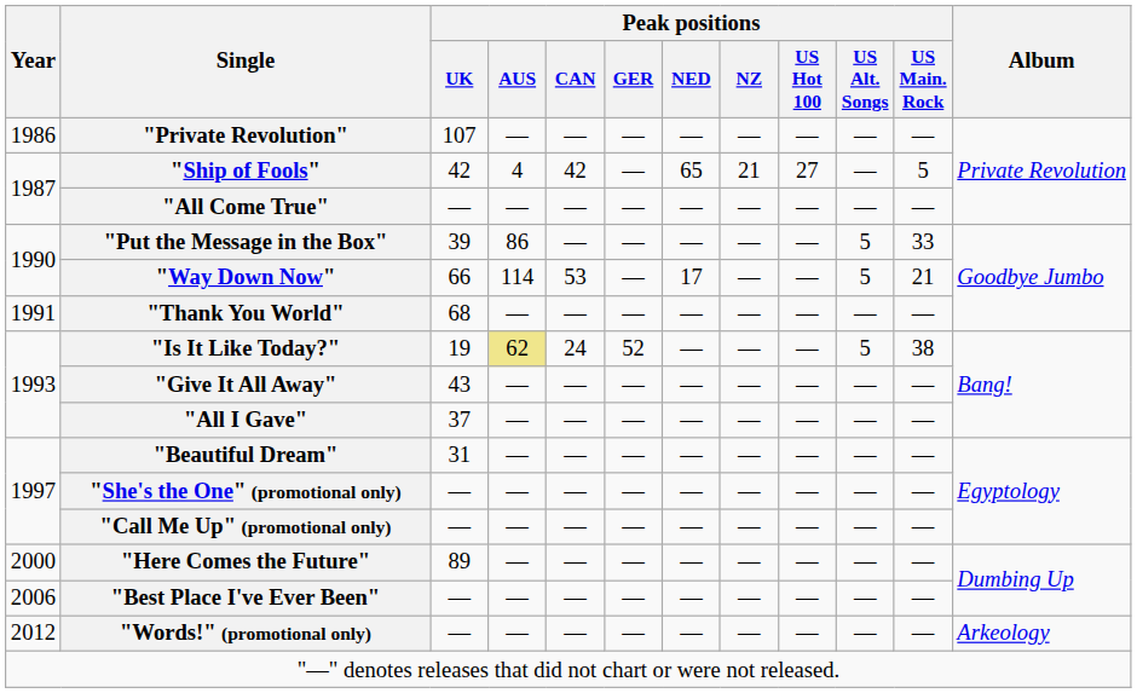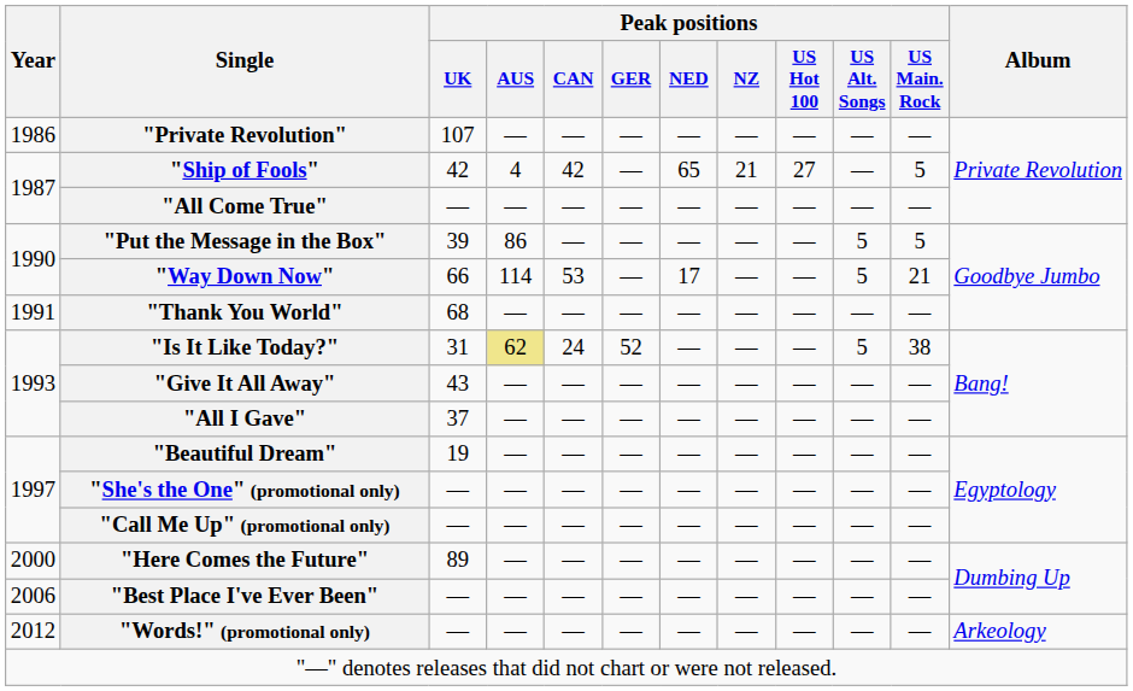 <table class="wikitable plainrowheaders" style="text-align:center;">
 <tr>
 <th rowspan="2">Year</th>
 <th rowspan="2" style="width:16em;">Single</th>
 <th colspan="9">Peak positions</th>
 <th rowspan="2">Album</th>
 </tr>
 <tr style="font-size:smaller;">
 <th style="width:35px;"><a href='#'>UK</a><br></th>
 <th style="width:35px;"><a href='#'>AUS</a><br></th>
 <th style="width:35px;"><a href='#'>CAN</a><br></th>
 <th style="width:35px;"><a href='#'>GER</a><br></th>
 <th style="width:35px;"><a href='#'>NED</a><br></th>
 <th style="width:35px;"><a href='#'>NZ</a><br></th>
 <th style="width:35px;"><a href='#'>US<br>Hot 100</a><br></th>
 <th style="width:35px;"><a href='#'>US<br>Alt. Songs</a><br></th>
 <th style="width:35px;"><a href='#'>US<br>Main. Rock</a><br></th>
 </tr>
 <tr>
 <td>1986</td>
 <th scope="row">"Private Revolution"</th>
 <td>107</td>
 <td>—</td>
 <td>—</td>
 <td>—</td>
 <td>—</td>
 <td>—</td>
 <td>—</td>
 <td>—</td>
 <td>—</td>
 <td style="text-align:left;" rowspan="3"><em><a href='#'>Private Revolution</a></em></td>
 </tr>
 <tr>
 <td rowspan="2">1987</td>
 <th scope="row">"<a href='#'>Ship of Fools</a>"</th>
 <td>42</td>
 <td>4</td>
 <td>42</td>
 <td>—</td>
 <td>65</td>
 <td>21</td>
 <td>27</td>
 <td>—</td>
 <td>5</td>
 </tr>
 <tr>
 <th scope="row">"All Come True"</th>
 <td>—</td>
 <td>—</td>
 <td>—</td>
 <td>—</td>
 <td>—</td>
 <td>—</td>
 <td>—</td>
 <td>—</td>
 <td>—</td>
 </tr>
 <tr>
 <td rowspan="2">1990</td>
 <th scope="row">"Put the Message in the Box"</th>
 <td>39</td>
 <td>86</td>
 <td>—</td>
 <td>—</td>
 <td>—</td>
 <td>—</td>
 <td>—</td>
 <td>5</td>
-<td>33</td>
+<td>5</td>
 <td style="text-align:left;" rowspan="3"><em><a href='#'>Goodbye Jumbo</a></em></td>
 </tr>
 <tr>
 <th scope="row">"<a href='#'>Way Down Now</a>"</th>
 <td>66</td>
 <td>114</td>
 <td>53</td>
 <td>—</td>
 <td>17</td>
 <td>—</td>
 <td>—</td>
 <td>5</td>
 <td>21</td>
 </tr>
 <tr>
 <td>1991</td>
 <th scope="row">"Thank You World"</th>
 <td>68</td>
 <td>—</td>
 <td>—</td>
 <td>—</td>
 <td>—</td>
 <td>—</td>
 <td>—</td>
 <td>—</td>
 <td>—</td>
 </tr>
 <tr>
 <td rowspan="3">1993</td>
 <th scope="row">"Is It Like Today?"</th>
-<td>19</td>
+<td>31</td>
 <td style="background: khaki;">62</td>
 <td>24</td>
 <td>52</td>
 <td>—</td>
 <td>—</td>
 <td>—</td>
 <td>5</td>
 <td>38</td>
 <td style="text-align:left;" rowspan="3"><em><a href='#'>Bang!</a></em></td>
 </tr>
 <tr>
 <th scope="row">"Give It All Away"</th>
 <td>43</td>
 <td>—</td>
 <td>—</td>
 <td>—</td>
 <td>—</td>
 <td>—</td>
 <td>—</td>
 <td>—</td>
 <td>—</td>
 </tr>
 <tr>
 <th scope="row">"All I Gave"</th>
 <td>37</td>
 <td>—</td>
 <td>—</td>
 <td>—</td>
 <td>—</td>
 <td>—</td>
 <td>—</td>
 <td>—</td>
 <td>—</td>
 </tr>
 <tr>
 <td rowspan="3">1997</td>
 <th scope="row">"Beautiful Dream"</th>
-<td>31</td>
+<td>19</td>
 <td>—</td>
 <td>—</td>
 <td>—</td>
 <td>—</td>
 <td>—</td>
 <td>—</td>
 <td>—</td>
 <td>—</td>
 <td style="text-align:left;" rowspan="3"><em><a href='#'>Egyptology</a></em></td>
 </tr>
 <tr>
 <th scope="row">"<a href='#'>She's the One</a>" <small>(promotional only)</small></th>
 <td>—</td>
 <td>—</td>
 <td>—</td>
 <td>—</td>
 <td>—</td>
 <td>—</td>
 <td>—</td>
 <td>—</td>
 <td>—</td>
 </tr>
 <tr>
 <th scope="row">"Call Me Up" <small>(promotional only)</small></th>
 <td>—</td>
 <td>—</td>
 <td>—</td>
 <td>—</td>
 <td>—</td>
 <td>—</td>
 <td>—</td>
 <td>—</td>
 <td>—</td>
 </tr>
 <tr>
 <td>2000</td>
 <th scope="row">"Here Comes the Future"</th>
 <td>89</td>
 <td>—</td>
 <td>—</td>
 <td>—</td>
 <td>—</td>
 <td>—</td>
 <td>—</td>
 <td>—</td>
 <td>—</td>
 <td style="text-align:left;" rowspan="2"><em><a href='#'>Dumbing Up</a></em></td>
 </tr>
 <tr>
 <td>2006</td>
 <th scope="row">"Best Place I've Ever Been"</th>
 <td>—</td>
 <td>—</td>
 <td>—</td>
 <td>—</td>
 <td>—</td>
 <td>—</td>
 <td>—</td>
 <td>—</td>
 <td>—</td>
 </tr>
 <tr>
 <td>2012</td>
 <th scope="row">"Words!" <small>(promotional only)</small></th>
 <td>—</td>
 <td>—</td>
 <td>—</td>
 <td>—</td>
 <td>—</td>
 <td>—</td>
 <td>—</td>
 <td>—</td>
 <td>—</td>
 <td style="text-align:left;" rowspan="1"><em><a href='#'>Arkeology</a></em></td>
 </tr>
 <tr>
 <td colspan="18" style="text-align:center">"—" denotes releases that did not chart or were not released.</td>
 </tr>
 </table>
